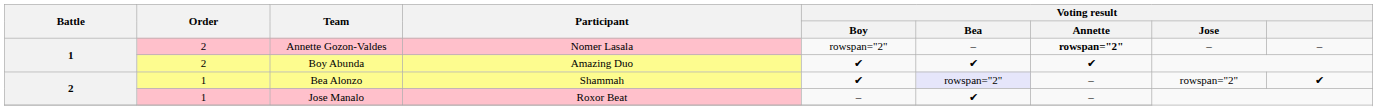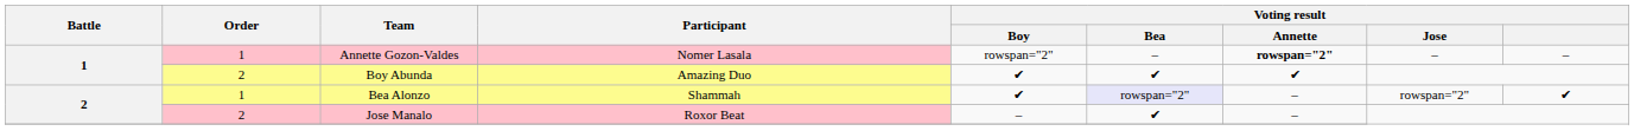 <table class="wikitable" style="text-align:center; line-height:17px; width:100%;">
 <tr>
 <th scope="col" rowspan="2" width="05%">Battle</th>
 <th scope="col" rowspan="2" width="05%">Order</th>
 <th scope="col" rowspan="2" width="05%">Team</th>
 <th scope="col" rowspan="2" width="15%">Participant</th>
 <th scope="col" colspan="5" width="20%">Voting result</th>
 </tr>
 <tr>
 <th width="4%">Boy</th>
 <th width="4%">Bea</th>
 <th width="4%">Annette</th>
 <th width="4%">Jose</th>
 <th width="4%"></th>
 </tr>
 <tr>
 <th rowspan="2">1</th>
-<td style="background:pink;">2</td>
+<td style="background:pink;">1</td>
 <td style="background:pink;">Annette Gozon-Valdes</td>
 <td style="background:pink;">Nomer Lasala</td>
 <td>rowspan="2" </td>
 <td>–</td>
 <td><strong>rowspan="2" </strong></td>
 <td>–</td>
 <td>–</td>
 </tr>
 <tr>
 <td style="background:#fdfc8f;">2</td>
 <td style="background:#fdfc8f;">Boy Abunda</td>
 <td style="background:#fdfc8f;">Amazing Duo</td>
 <td>✔</td>
 <td>✔</td>
 <td>✔</td>
 </tr>
 <tr>
 <th rowspan="2">2</th>
 <td style="background:#fdfc8f;">1</td>
 <td style="background:#fdfc8f;">Bea Alonzo</td>
 <td style="background:#fdfc8f;">Shammah</td>
 <td>✔</td>
 <td style="background: lavender;">rowspan="2" </td>
 <td>–</td>
 <td>rowspan="2" </td>
 <td>✔</td>
 </tr>
 <tr>
-<td style="background:pink;">1</td>
+<td style="background:pink;">2</td>
 <td style="background:pink;">Jose Manalo</td>
 <td style="background:pink;">Roxor Beat</td>
 <td>–</td>
 <td>✔</td>
 <td>–</td>
 </tr>
 <tr>
 </tr>
 </table>
